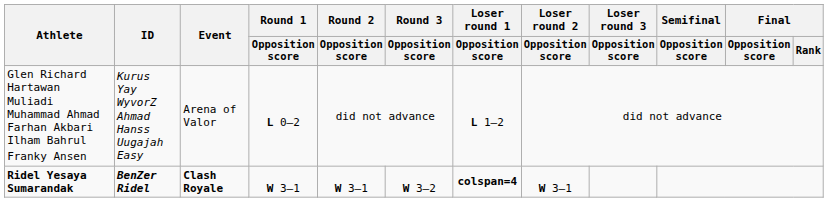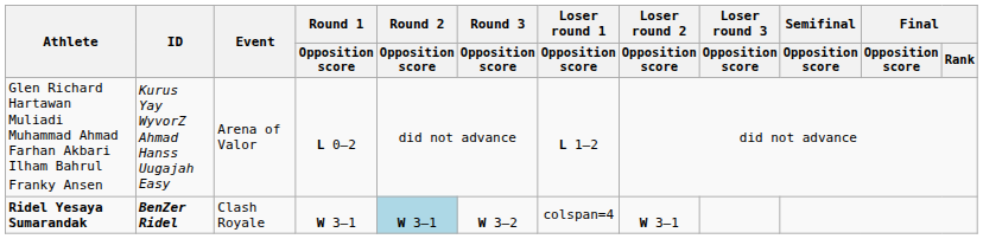 <table class=wikitable style="font-size:90%; text-align:center;">
 <tr>
 <th rowspan="2">Athlete</th>
 <th rowspan="2">ID</th>
 <th rowspan="2">Event</th>
 <th>Round 1</th>
 <th>Round 2</th>
 <th>Round 3</th>
 <th>Loser<br>round 1</th>
 <th>Loser<br>round 2</th>
 <th>Loser<br>round 3</th>
 <th>Semifinal</th>
 <th colspan=2>Final</th>
 </tr>
 <tr style="font-size:95%">
 <th>Opposition<br> score</th>
 <th>Opposition<br> score</th>
 <th>Opposition<br> score</th>
 <th>Opposition<br> score</th>
 <th>Opposition<br> score</th>
 <th>Opposition<br> score</th>
 <th>Opposition<br> score</th>
 <th>Opposition<br> score</th>
 <th>Rank</th>
 </tr>
 <tr>
 <td align=left>Glen Richard<br>Hartawan Muliadi<br>Muhammad Ahmad<br>Farhan Akbari<br>Ilham Bahrul<br>Franky Ansen<sup></sup></td>
 <td align=left><em>Kurus<br>Yay WyvorZ<br>Ahmad<br>Hanss<br>Uugajah<br>Easy</em></td>
 <td align=left>Arena of Valor</td>
 <td><br><strong>L</strong> 0–2</td>
 <td colspan=2>did not advance</td>
 <td><br><strong>L</strong> 1–2</td>
 <td colspan=5>did not advance</td>
 </tr>
 <tr>
 <td align=left><strong>Ridel Yesaya Sumarandak</strong></td>
 <td align=left><strong><em>BenZer Ridel</em></strong></td>
-<td align=left><strong>Clash Royale</strong></td>
+<td align=left>Clash Royale</td>
 <td><br><strong>W</strong> 3–1</td>
-<td><br><strong>W</strong> 3–1</td>
+<td style="background: lightblue;"><br><strong>W</strong> 3–1</td>
 <td><br><strong>W</strong> 3–2</td>
-<td><strong>colspan=4 </strong></td>
+<td>colspan=4 </td>
 <td><br><strong>W</strong> 3–1</td>
 <td></td>
 </tr>
 </table>
